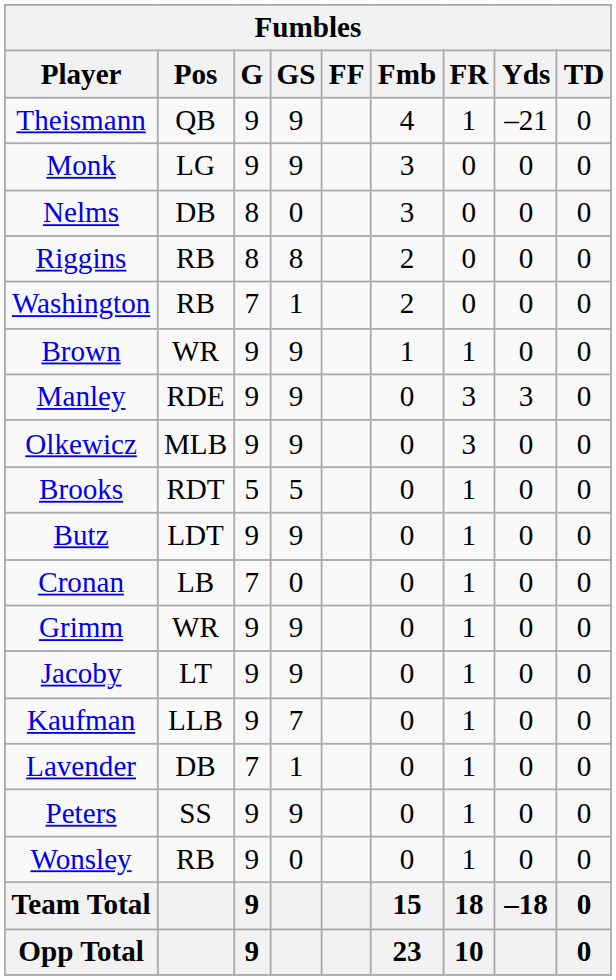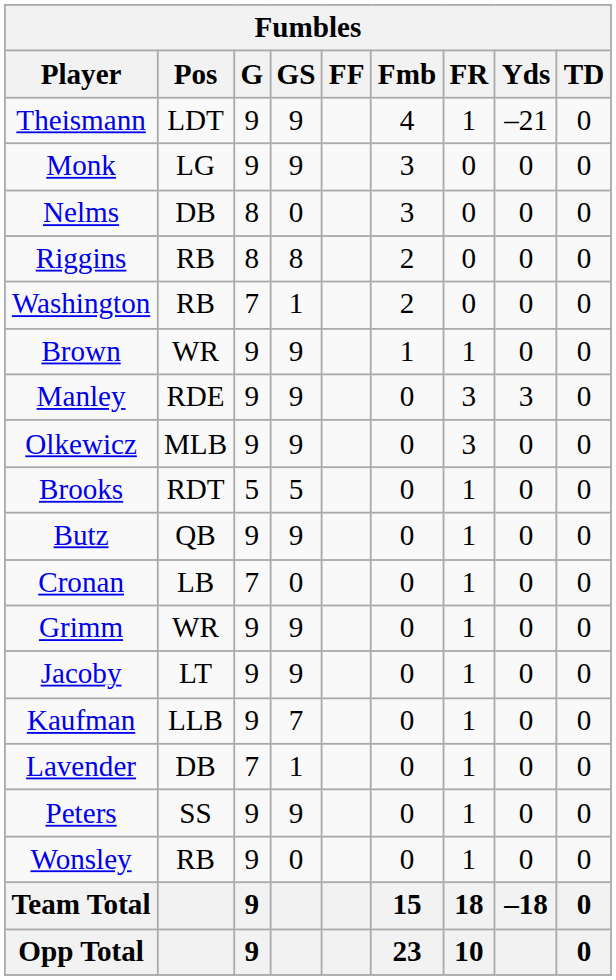 <table class="wikitable" style="text-align:center">
 <tr>
 <th colspan="9">Fumbles</th>
 </tr>
 <tr>
 <th>Player</th>
 <th>Pos</th>
 <th>G</th>
 <th>GS</th>
 <th>FF</th>
 <th>Fmb</th>
 <th>FR</th>
 <th>Yds</th>
 <th>TD</th>
 </tr>
 <tr>
 <td><a href='#'>Theismann</a></td>
-<td>QB</td>
+<td>LDT</td>
 <td>9</td>
 <td>9</td>
 <td></td>
 <td>4</td>
 <td>1</td>
 <td>–21</td>
 <td>0</td>
 </tr>
 <tr>
 <td><a href='#'>Monk</a></td>
 <td>LG</td>
 <td>9</td>
 <td>9</td>
 <td></td>
 <td>3</td>
 <td>0</td>
 <td>0</td>
 <td>0</td>
 </tr>
 <tr>
 <td><a href='#'>Nelms</a></td>
 <td>DB</td>
 <td>8</td>
 <td>0</td>
 <td></td>
 <td>3</td>
 <td>0</td>
 <td>0</td>
 <td>0</td>
 </tr>
 <tr>
 <td><a href='#'>Riggins</a></td>
 <td>RB</td>
 <td>8</td>
 <td>8</td>
 <td></td>
 <td>2</td>
 <td>0</td>
 <td>0</td>
 <td>0</td>
 </tr>
 <tr>
 <td><a href='#'>Washington</a></td>
 <td>RB</td>
 <td>7</td>
 <td>1</td>
 <td></td>
 <td>2</td>
 <td>0</td>
 <td>0</td>
 <td>0</td>
 </tr>
 <tr>
 <td><a href='#'>Brown</a></td>
 <td>WR</td>
 <td>9</td>
 <td>9</td>
 <td></td>
 <td>1</td>
 <td>1</td>
 <td>0</td>
 <td>0</td>
 </tr>
 <tr>
 <td><a href='#'>Manley</a></td>
 <td>RDE</td>
 <td>9</td>
 <td>9</td>
 <td></td>
 <td>0</td>
 <td>3</td>
 <td>3</td>
 <td>0</td>
 </tr>
 <tr>
 <td><a href='#'>Olkewicz</a></td>
 <td>MLB</td>
 <td>9</td>
 <td>9</td>
 <td></td>
 <td>0</td>
 <td>3</td>
 <td>0</td>
 <td>0</td>
 </tr>
 <tr>
 <td><a href='#'>Brooks</a></td>
 <td>RDT</td>
 <td>5</td>
 <td>5</td>
 <td></td>
 <td>0</td>
 <td>1</td>
 <td>0</td>
 <td>0</td>
 </tr>
 <tr>
 <td><a href='#'>Butz</a></td>
-<td>LDT</td>
+<td>QB</td>
 <td>9</td>
 <td>9</td>
 <td></td>
 <td>0</td>
 <td>1</td>
 <td>0</td>
 <td>0</td>
 </tr>
 <tr>
 <td><a href='#'>Cronan</a></td>
 <td>LB</td>
 <td>7</td>
 <td>0</td>
 <td></td>
 <td>0</td>
 <td>1</td>
 <td>0</td>
 <td>0</td>
 </tr>
 <tr>
 <td><a href='#'>Grimm</a></td>
 <td>WR</td>
 <td>9</td>
 <td>9</td>
 <td></td>
 <td>0</td>
 <td>1</td>
 <td>0</td>
 <td>0</td>
 </tr>
 <tr>
 <td><a href='#'>Jacoby</a></td>
 <td>LT</td>
 <td>9</td>
 <td>9</td>
 <td></td>
 <td>0</td>
 <td>1</td>
 <td>0</td>
 <td>0</td>
 </tr>
 <tr>
 <td><a href='#'>Kaufman</a></td>
 <td>LLB</td>
 <td>9</td>
 <td>7</td>
 <td></td>
 <td>0</td>
 <td>1</td>
 <td>0</td>
 <td>0</td>
 </tr>
 <tr>
 <td><a href='#'>Lavender</a></td>
 <td>DB</td>
 <td>7</td>
 <td>1</td>
 <td></td>
 <td>0</td>
 <td>1</td>
 <td>0</td>
 <td>0</td>
 </tr>
 <tr>
 <td><a href='#'>Peters</a></td>
 <td>SS</td>
 <td>9</td>
 <td>9</td>
 <td></td>
 <td>0</td>
 <td>1</td>
 <td>0</td>
 <td>0</td>
 </tr>
 <tr>
 <td><a href='#'>Wonsley</a></td>
 <td>RB</td>
 <td>9</td>
 <td>0</td>
 <td></td>
 <td>0</td>
 <td>1</td>
 <td>0</td>
 <td>0</td>
 </tr>
 <tr>
 <th>Team Total</th>
 <th></th>
 <th>9</th>
 <th></th>
 <th></th>
 <th>15</th>
 <th>18</th>
 <th>–18</th>
 <th>0</th>
 </tr>
 <tr>
 <th>Opp Total</th>
 <th></th>
 <th>9</th>
 <th></th>
 <th></th>
 <th>23</th>
 <th>10</th>
 <th></th>
 <th>0</th>
 </tr>
 </table>
